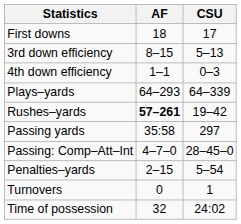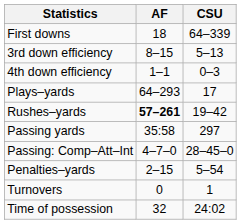 <table class="wikitable">
 <tr>
 <th>Statistics</th>
 <th>AF</th>
 <th>CSU</th>
 </tr>
 <tr>
 <td>First downs</td>
 <td align=center>18</td>
-<td align=center>17</td>
+<td align=center>64–339</td>
 </tr>
 <tr>
 <td>3rd down efficiency</td>
 <td align=center>8–15</td>
 <td align=center>5–13</td>
 </tr>
 <tr>
 <td>4th down efficiency</td>
 <td align=center>1–1</td>
 <td align=center>0–3</td>
 </tr>
 <tr>
 <td>Plays–yards</td>
 <td align=center>64–293</td>
-<td align=center>64–339</td>
+<td align=center>17</td>
 </tr>
 <tr>
 <td>Rushes–yards</td>
 <td align=center><strong>57–261</strong></td>
 <td align=center>19–42</td>
 </tr>
 <tr>
 <td>Passing yards</td>
 <td align=center>35:58</td>
 <td align=center>297</td>
 </tr>
 <tr>
 <td>Passing: Comp–Att–Int</td>
 <td align=center>4–7–0</td>
 <td align=center>28–45–0</td>
 </tr>
 <tr>
 <td>Penalties–yards</td>
 <td align=center>2–15</td>
 <td align=center>5–54</td>
 </tr>
 <tr>
 <td>Turnovers</td>
 <td align=center>0</td>
 <td align=center>1</td>
 </tr>
 <tr>
 <td>Time of possession</td>
 <td align=center>32</td>
 <td align=center>24:02</td>
 </tr>
 </table>
